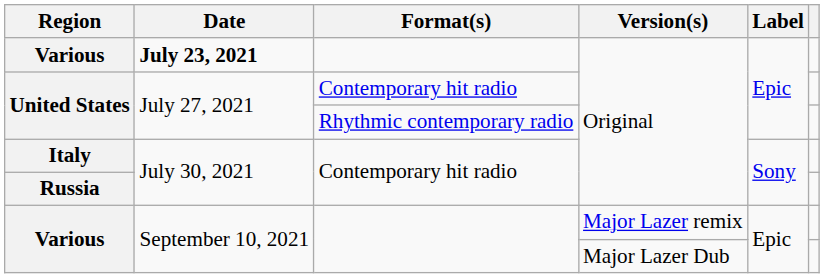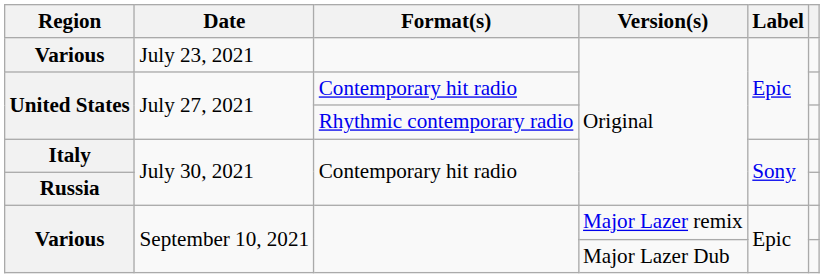 <table class="wikitable plainrowheaders">
 <tr>
 <th scope="col">Region</th>
 <th scope="col">Date</th>
 <th scope="col">Format(s)</th>
 <th scope="col">Version(s)</th>
 <th scope="col">Label</th>
 <th scope="col"></th>
 </tr>
 <tr>
 <th scope="row">Various</th>
-<td><strong>July 23, 2021</strong></td>
+<td>July 23, 2021</td>
 <td></td>
 <td rowspan="5">Original</td>
 <td rowspan="3"><a href='#'>Epic</a></td>
 <td style="text-align:center;"></td>
 </tr>
 <tr>
 <th scope="row" rowspan="2">United States</th>
 <td rowspan="2">July 27, 2021</td>
 <td><a href='#'>Contemporary hit radio</a></td>
 <td style="text-align:center;"></td>
 </tr>
 <tr>
 <td><a href='#'>Rhythmic contemporary radio</a></td>
 <td style="text-align:center;"></td>
 </tr>
 <tr>
 <th scope="row">Italy</th>
 <td rowspan="2">July 30, 2021</td>
 <td rowspan="2">Contemporary hit radio</td>
 <td rowspan="2"><a href='#'>Sony</a></td>
 <td style="text-align:center;"></td>
 </tr>
 <tr>
 <th scope="row">Russia</th>
 <td style="text-align:center;"></td>
 </tr>
 <tr>
 <th rowspan="2" scope="row">Various</th>
 <td rowspan="2">September 10, 2021</td>
 <td rowspan="2"></td>
 <td><a href='#'>Major Lazer</a> remix</td>
 <td rowspan="2">Epic</td>
 <td style="text-align:center;"></td>
 </tr>
 <tr>
 <td>Major Lazer Dub</td>
 <td style="text-align:center;"></td>
 </tr>
 </table>
